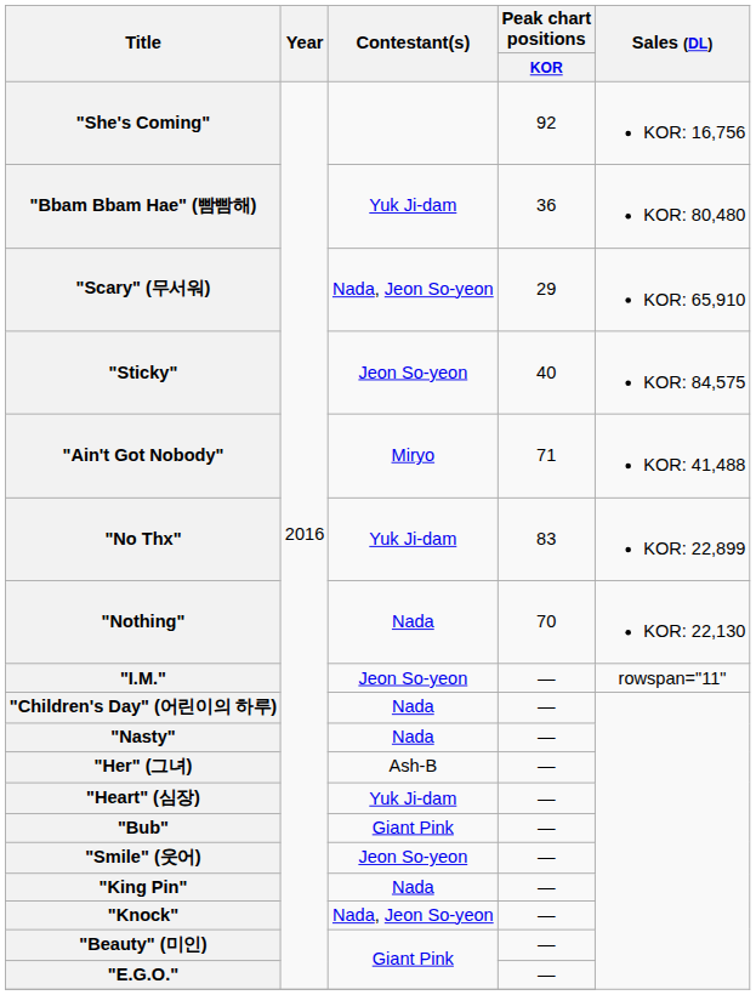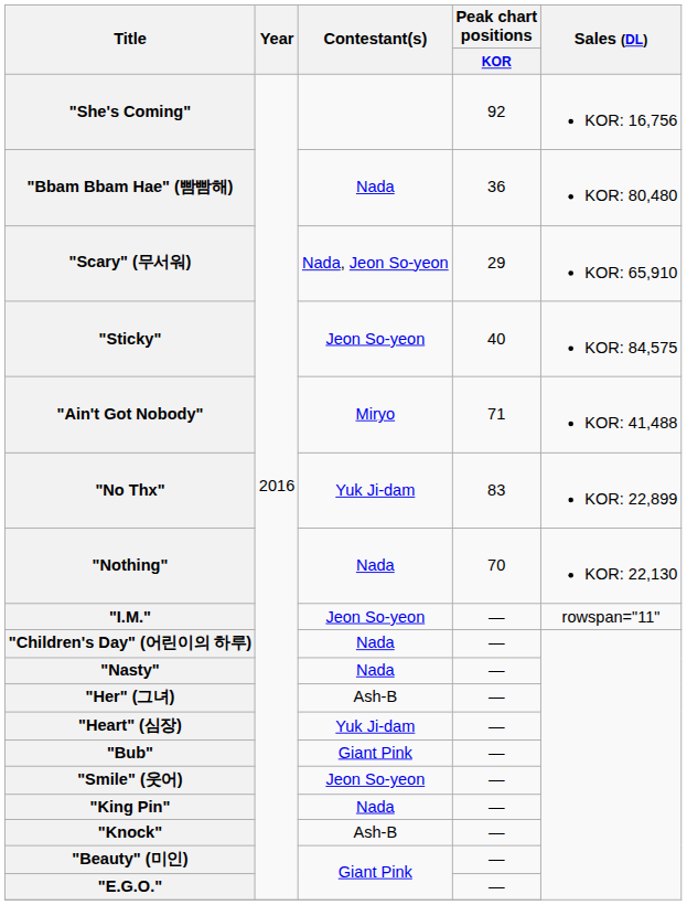 <table class="wikitable plainrowheaders" style="text-align:center">
 <tr>
 <th scope="col" rowspan="2">Title</th>
 <th scope="col" rowspan="2">Year</th>
 <th scope="col" rowspan="2">Contestant(s)</th>
 <th scope="col" colspan="1">Peak chart <br> positions</th>
 <th scope="col" rowspan="2">Sales <small>(<a href='#'>DL</a>)</small></th>
 </tr>
 <tr>
 <th><small><a href='#'>KOR</a></small><br></th>
 </tr>
 <tr>
 <th scope="row">"She's Coming"</th>
 <td rowspan="18">2016</td>
 <td></td>
 <td>92</td>
 <td><br><ul><li>KOR: 16,756</li></ul></td>
 </tr>
 <tr>
 <th scope="row">"Bbam Bbam Hae" (빰빰해)<br></th>
-<td><a href='#'>Yuk Ji-dam</a></td>
+<td><a href='#'>Nada</a></td>
 <td>36</td>
 <td><br><ul><li>KOR: 80,480</li></ul></td>
 </tr>
 <tr>
 <th scope="row">"Scary" (무서워)</th>
 <td><a href='#'>Nada</a>, <a href='#'>Jeon So-yeon</a></td>
 <td>29</td>
 <td><br><ul><li>KOR: 65,910</li></ul></td>
 </tr>
 <tr>
 <th scope="row">"Sticky"<br></th>
 <td><a href='#'>Jeon So-yeon</a></td>
 <td>40</td>
 <td><br><ul><li>KOR: 84,575</li></ul></td>
 </tr>
 <tr>
 <th scope="row">"Ain't Got Nobody"<br></th>
 <td><a href='#'>Miryo</a></td>
 <td>71</td>
 <td><br><ul><li>KOR: 41,488</li></ul></td>
 </tr>
 <tr>
 <th scope="row">"No Thx"<br></th>
 <td><a href='#'>Yuk Ji-dam</a></td>
 <td>83</td>
 <td><br><ul><li>KOR: 22,899</li></ul></td>
 </tr>
 <tr>
 <th scope="row">"Nothing"<br></th>
 <td><a href='#'>Nada</a></td>
 <td>70</td>
 <td><br><ul><li>KOR: 22,130</li></ul></td>
 </tr>
 <tr>
 <th scope="row">"I.M."<br></th>
 <td><a href='#'>Jeon So-yeon</a></td>
 <td>—</td>
 <td>rowspan="11" </td>
 </tr>
 <tr>
 <th scope="row">"Children's Day" (어린이의 하루)<br></th>
 <td><a href='#'>Nada</a></td>
 <td>—</td>
 </tr>
 <tr>
 <th scope="row">"Nasty"<br></th>
 <td><a href='#'>Nada</a></td>
 <td>—</td>
 </tr>
 <tr>
 <th scope="row">"Her" (그녀)<br></th>
 <td>Ash-B</td>
 <td>—</td>
 </tr>
 <tr>
 <th scope="row">"Heart" (심장)<br></th>
 <td><a href='#'>Yuk Ji-dam</a></td>
 <td>—</td>
 </tr>
 <tr>
 <th scope="row">"Bub"<br></th>
 <td><a href='#'>Giant Pink</a></td>
 <td>—</td>
 </tr>
 <tr>
 <th scope="row">"Smile" (웃어)<br></th>
 <td><a href='#'>Jeon So-yeon</a></td>
 <td>—</td>
 </tr>
 <tr>
 <th scope="row">"King Pin"<br></th>
 <td><a href='#'>Nada</a></td>
 <td>—</td>
 </tr>
 <tr>
 <th scope="row">"Knock"<br></th>
-<td><a href='#'>Nada</a>, <a href='#'>Jeon So-yeon</a></td>
+<td>Ash-B</td>
 <td>—</td>
 </tr>
 <tr>
 <th scope="row">"Beauty" (미인)<br></th>
 <td rowspan="2"><a href='#'>Giant Pink</a></td>
 <td>—</td>
 </tr>
 <tr>
 <th scope="row">"E.G.O."<br></th>
 <td>—</td>
 </tr>
 <tr>
 </tr>
 </table>
